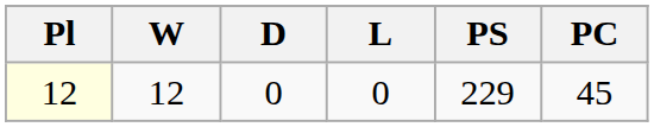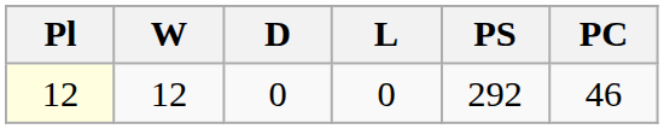 <table class="wikitable" style="text-align:center">
 <tr>
 </tr>
 <tr>
 <th width=40px>Pl</th>
 <th width=40px>W</th>
 <th width=40px>D</th>
 <th width=40px>L</th>
 <th width=40px>PS</th>
 <th width=40px>PC</th>
 </tr>
 <tr>
 <td style="background: lightyellow;">12</td>
 <td>12</td>
 <td>0</td>
 <td>0</td>
-<td>229</td>
-<td>45</td>
+<td>292</td>
+<td>46</td>
 </tr>
 </table>
